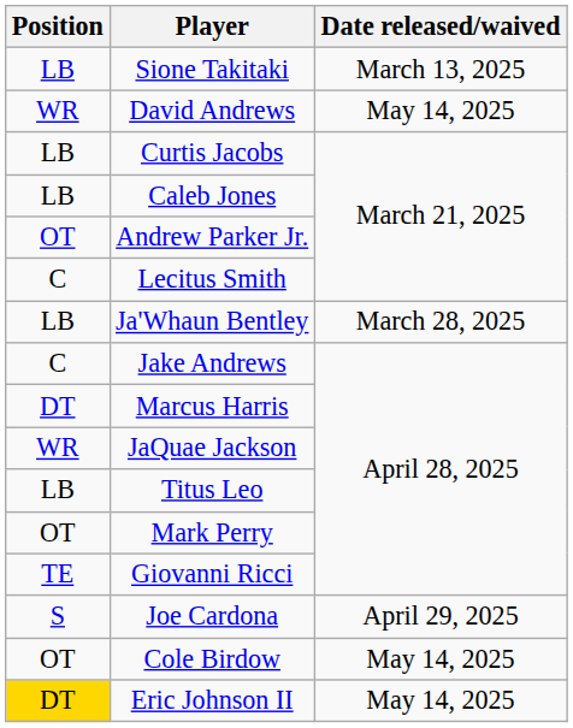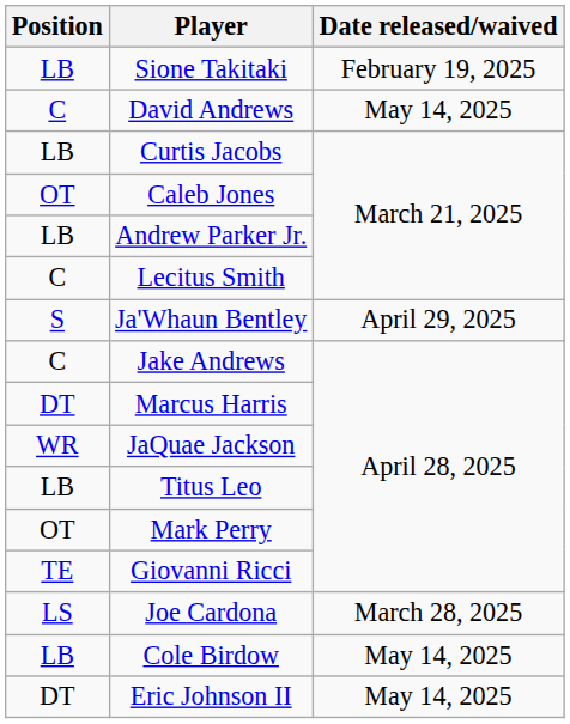 <table class="wikitable" style="text-align:center">
 <tr>
 <th>Position</th>
 <th>Player</th>
 <th>Date released/waived</th>
 </tr>
 <tr>
 <td><a href='#'>LB</a></td>
 <td><a href='#'>Sione Takitaki</a></td>
-<td>March 13, 2025</td>
+<td>February 19, 2025</td>
 </tr>
 <tr>
-<td><a href='#'>WR</a></td>
+<td><a href='#'>C</a></td>
 <td><a href='#'>David Andrews</a></td>
 <td>May 14, 2025</td>
 </tr>
 <tr>
 <td Linebacker>LB</td>
 <td><a href='#'>Curtis Jacobs</a></td>
 <td rowspan="4">March 21, 2025</td>
 </tr>
 <tr>
-<td Linebacker>LB</td>
+<td><a href='#'>OT</a></td>
 <td><a href='#'>Caleb Jones</a></td>
 </tr>
 <tr>
-<td><a href='#'>OT</a></td>
+<td Linebacker>LB</td>
 <td><a href='#'>Andrew Parker Jr.</a></td>
 </tr>
 <tr>
 <td Center (gridiron football)>C</td>
 <td><a href='#'>Lecitus Smith</a></td>
 </tr>
 <tr>
-<td Linebacker>LB</td>
+<td><a href='#'>S</a></td>
 <td><a href='#'>Ja'Whaun Bentley</a></td>
-<td>March 28, 2025</td>
+<td>April 29, 2025</td>
 </tr>
 <tr>
 <td>C</td>
 <td><a href='#'>Jake Andrews</a></td>
 <td rowspan="6">April 28, 2025</td>
 </tr>
 <tr>
 <td><a href='#'>DT</a></td>
 <td><a href='#'>Marcus Harris</a></td>
 </tr>
 <tr>
 <td><a href='#'>WR</a></td>
 <td><a href='#'>JaQuae Jackson</a></td>
 </tr>
 <tr>
 <td>LB</td>
 <td><a href='#'>Titus Leo</a></td>
 </tr>
 <tr>
 <td>OT</td>
 <td><a href='#'>Mark Perry</a></td>
 </tr>
 <tr>
 <td><a href='#'>TE</a></td>
 <td><a href='#'>Giovanni Ricci</a></td>
 </tr>
 <tr>
-<td><a href='#'>S</a></td>
+<td><a href='#'>LS</a></td>
 <td><a href='#'>Joe Cardona</a></td>
-<td>April 29, 2025</td>
+<td>March 28, 2025</td>
 </tr>
 <tr>
-<td>OT</td>
+<td><a href='#'>LB</a></td>
 <td><a href='#'>Cole Birdow</a></td>
 <td>May 14, 2025</td>
 </tr>
 <tr>
-<td style="background: gold;">DT</td>
+<td>DT</td>
 <td><a href='#'>Eric Johnson II</a></td>
 <td>May 14, 2025</td>
 </tr>
 </table>
